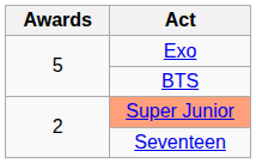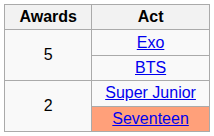 <table class="wikitable" style="text-align:center;">
 <tr>
 <th scope="col" width="80">Awards</th>
 <th scope="col" width="110">Act</th>
 </tr>
 <tr>
 <td rowspan="2">5</td>
 <td><a href='#'>Exo</a></td>
 </tr>
 <tr>
 <td><a href='#'>BTS</a></td>
 </tr>
 <tr>
 <td rowspan="2">2</td>
-<td style="background: lightsalmon;"><a href='#'>Super Junior</a></td>
+<td><a href='#'>Super Junior</a></td>
 </tr>
 <tr>
-<td><a href='#'>Seventeen</a></td>
+<td style="background: lightsalmon;"><a href='#'>Seventeen</a></td>
 </tr>
 </table>
